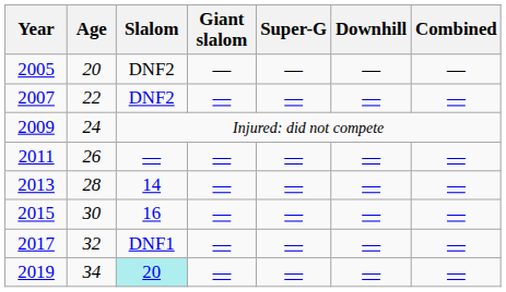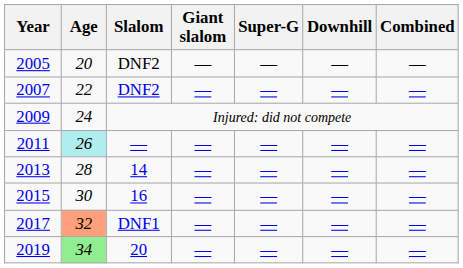 <table class=wikitable style="text-align:center">
 <tr>
 <th>  Year  </th>
 <th> Age </th>
 <th> Slalom </th>
 <th> Giant <br> slalom </th>
 <th>Super-G</th>
 <th>Downhill</th>
 <th>Combined</th>
 </tr>
 <tr>
 <td><a href='#'>2005</a></td>
 <td><em>20</em></td>
 <td>DNF2</td>
 <td>—</td>
 <td>—</td>
 <td>—</td>
 <td>—</td>
 </tr>
 <tr>
 <td><a href='#'>2007</a></td>
 <td><em>22</em></td>
 <td><a href='#'>DNF2</a></td>
 <td><a href='#'>—</a></td>
 <td><a href='#'>—</a></td>
 <td><a href='#'>—</a></td>
 <td><a href='#'>—</a></td>
 </tr>
 <tr>
 <td><a href='#'>2009</a></td>
 <td><em>24</em></td>
 <td colspan=5><small><em>Injured: did not compete</em></small></td>
 </tr>
 <tr>
 <td><a href='#'>2011</a></td>
-<td><em>26</em></td>
+<td style="background: paleturquoise;"><em>26</em></td>
 <td><a href='#'>—</a></td>
 <td><a href='#'>—</a></td>
 <td><a href='#'>—</a></td>
 <td><a href='#'>—</a></td>
 <td><a href='#'>—</a></td>
 </tr>
 <tr>
 <td><a href='#'>2013</a></td>
 <td><em>28</em></td>
 <td><a href='#'>14</a></td>
 <td><a href='#'>—</a></td>
 <td><a href='#'>—</a></td>
 <td><a href='#'>—</a></td>
 <td><a href='#'>—</a></td>
 </tr>
 <tr>
 <td><a href='#'>2015</a></td>
 <td><em>30</em></td>
 <td><a href='#'>16</a></td>
 <td><a href='#'>—</a></td>
 <td><a href='#'>—</a></td>
 <td><a href='#'>—</a></td>
 <td><a href='#'>—</a></td>
 </tr>
 <tr>
 <td><a href='#'>2017</a></td>
-<td><em>32</em></td>
+<td style="background: lightsalmon;"><em>32</em></td>
 <td><a href='#'>DNF1</a></td>
 <td><a href='#'>—</a></td>
 <td><a href='#'>—</a></td>
 <td><a href='#'>—</a></td>
 <td><a href='#'>—</a></td>
 </tr>
 <tr>
 <td><a href='#'>2019</a></td>
-<td><em>34</em></td>
-<td style="background: paleturquoise;"><a href='#'>20</a></td>
+<td style="background: lightgreen;"><em>34</em></td>
+<td><a href='#'>20</a></td>
 <td><a href='#'>—</a></td>
 <td><a href='#'>—</a></td>
 <td><a href='#'>—</a></td>
 <td><a href='#'>—</a></td>
 </tr>
 </table>
